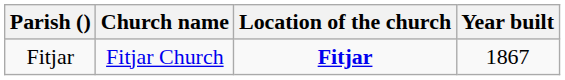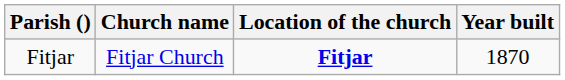 <table class="wikitable" style="text-align:center">
 <tr>
 <th>Parish ()</th>
 <th>Church name</th>
 <th>Location of the church</th>
 <th>Year built</th>
 </tr>
 <tr>
 <td>Fitjar</td>
 <td><a href='#'>Fitjar Church</a></td>
 <td><strong><a href='#'>Fitjar</a></strong></td>
-<td>1867</td>
+<td>1870</td>
 </tr>
 </table>
